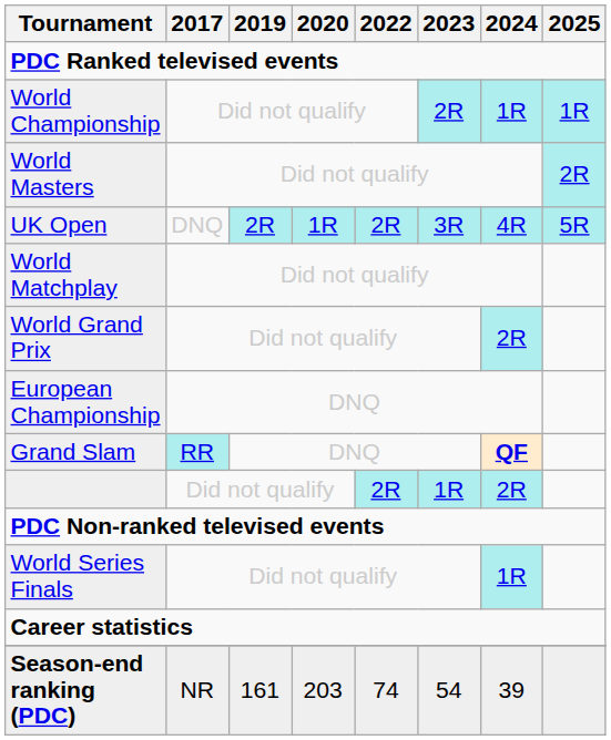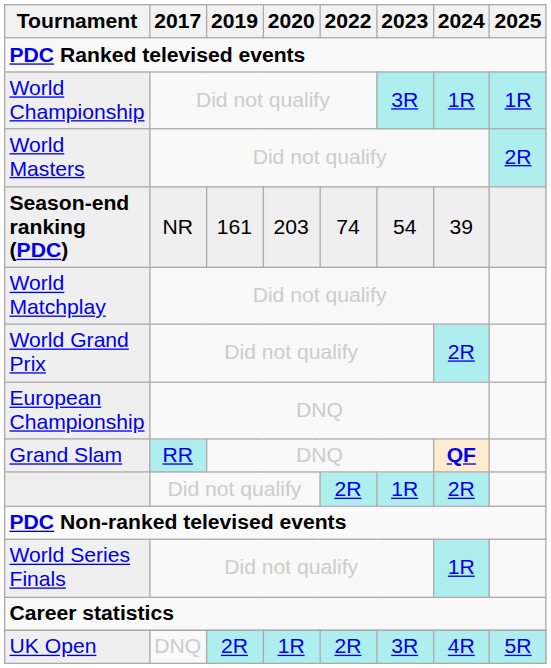 <table class="wikitable" style="width:20%; margin:0">
 <tr>
 <th>Tournament</th>
 <th>2017</th>
 <th>2019</th>
 <th>2020</th>
 <th>2022</th>
 <th>2023</th>
 <th>2024</th>
 <th>2025</th>
 </tr>
 <tr>
 <td colspan="8" align="left"><strong><a href='#'>PDC</a> Ranked televised events</strong></td>
 </tr>
 <tr>
 <td style="background:#efefef;"><a href='#'>World Championship</a></td>
 <td colspan="4" style="text-align:center; color:#ccc;">Did not qualify</td>
-<td style="text-align:center; background:#afeeee;"><a href='#'>2R</a></td>
+<td style="text-align:center; background:#afeeee;"><a href='#'>3R</a></td>
 <td style="text-align:center; background:#afeeee;"><a href='#'>1R</a></td>
 <td style="text-align:center; background:#afeeee;"><a href='#'>1R</a></td>
 </tr>
 <tr>
 <td style="background:#efefef;"><a href='#'>World Masters</a></td>
 <td colspan="6" style="text-align:center; color:#ccc;">Did not qualify</td>
 <td style="text-align:center; background:#afeeee;"><a href='#'>2R</a></td>
 </tr>
-<tr>
-<td style="background:#efefef;"><a href='#'>UK Open</a></td>
-<td style="text-align:center; color:#ccc;">DNQ</td>
-<td style="text-align:center; background:#afeeee;"><a href='#'>2R</a></td>
-<td style="text-align:center; background:#afeeee;"><a href='#'>1R</a></td>
-<td style="text-align:center; background:#afeeee;"><a href='#'>2R</a></td>
-<td style="text-align:center; background:#afeeee;"><a href='#'>3R</a></td>
-<td style="text-align:center; background:#afeeee;"><a href='#'>4R</a></td>
-<td style="text-align:center; background:#afeeee;"><a href='#'>5R</a></td>
+<tr bgcolor="efefef">
+<td align="left"><strong>Season-end ranking (<a href='#'>PDC</a>)</strong></td>
+<td style="text-align:center;">NR</td>
+<td style="text-align:center;">161</td>
+<td style="text-align:center;">203</td>
+<td style="text-align:center;">74</td>
+<td style="text-align:center;">54</td>
+<td style="text-align:center;">39</td>
+<td></td>
 </tr>
 <tr>
 <td style="background:#efefef;"><a href='#'>World Matchplay</a></td>
 <td colspan="6" style="text-align:center; color:#ccc;">Did not qualify</td>
 <td></td>
 </tr>
 <tr>
 <td style="background:#efefef;"><a href='#'>World Grand Prix</a></td>
 <td colspan="5" style="text-align:center; color:#ccc;">Did not qualify</td>
 <td style="text-align:center; background:#afeeee;"><a href='#'>2R</a></td>
 <td></td>
 </tr>
 <tr>
 <td style="background:#efefef;"><a href='#'>European Championship</a></td>
 <td colspan="6" style="text-align:center; color:#ccc;">DNQ</td>
 <td></td>
 </tr>
 <tr>
 <td style="background:#efefef;"><a href='#'>Grand Slam</a></td>
 <td style="text-align:center; background:#afeeee;"><a href='#'>RR</a></td>
 <td colspan="4" style="text-align:center; color:#ccc;">DNQ</td>
 <td style="text-align:center; background:#ffebcd;"><strong><a href='#'>QF</a></strong></td>
 <td></td>
 </tr>
 <tr>
 <td style="background:#efefef;"></td>
 <td colspan="3" style="text-align:center; color:#ccc;">Did not qualify</td>
 <td style="text-align:center; background:#afeeee;"><a href='#'>2R</a></td>
 <td style="text-align:center; background:#afeeee;"><a href='#'>1R</a></td>
 <td style="text-align:center; background:#afeeee;"><a href='#'>2R</a></td>
 <td></td>
 </tr>
 <tr>
 <td colspan="8" align="left"><strong><a href='#'>PDC</a> Non-ranked televised events</strong></td>
 </tr>
 <tr>
 <td style="background:#efefef;"><a href='#'>World Series Finals</a></td>
 <td colspan="5" style="text-align:center; color:#ccc;">Did not qualify</td>
 <td style="text-align:center; background:#afeeee;"><a href='#'>1R</a></td>
 <td></td>
 </tr>
 <tr>
 <td colspan="8" align="left"><strong>Career statistics</strong></td>
 </tr>
 <tr>
 </tr>
-<tr bgcolor="efefef">
-<td align="left"><strong>Season-end ranking (<a href='#'>PDC</a>)</strong></td>
-<td style="text-align:center;">NR</td>
-<td style="text-align:center;">161</td>
-<td style="text-align:center;">203</td>
-<td style="text-align:center;">74</td>
-<td style="text-align:center;">54</td>
-<td style="text-align:center;">39</td>
-<td></td>
+<tr>
+<td style="background:#efefef;"><a href='#'>UK Open</a></td>
+<td style="text-align:center; color:#ccc;">DNQ</td>
+<td style="text-align:center; background:#afeeee;"><a href='#'>2R</a></td>
+<td style="text-align:center; background:#afeeee;"><a href='#'>1R</a></td>
+<td style="text-align:center; background:#afeeee;"><a href='#'>2R</a></td>
+<td style="text-align:center; background:#afeeee;"><a href='#'>3R</a></td>
+<td style="text-align:center; background:#afeeee;"><a href='#'>4R</a></td>
+<td style="text-align:center; background:#afeeee;"><a href='#'>5R</a></td>
 </tr>
 </table>
